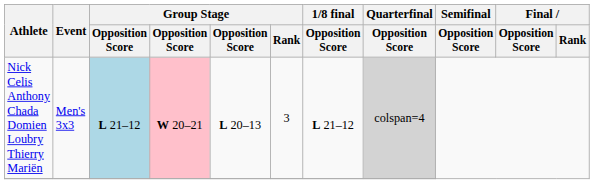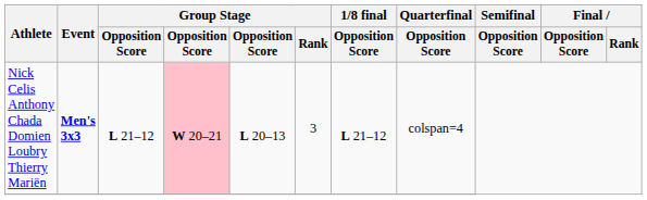 <table class="wikitable" style="font-size:90%">
 <tr>
 <th rowspan=2>Athlete</th>
 <th rowspan=2>Event</th>
 <th colspan=4>Group Stage</th>
 <th>1/8 final</th>
 <th>Quarterfinal</th>
 <th>Semifinal</th>
 <th colspan=2>Final / </th>
 </tr>
 <tr style="font-size:95%">
 <th>Opposition<br>Score</th>
 <th>Opposition<br>Score</th>
 <th>Opposition<br>Score</th>
 <th>Rank</th>
 <th>Opposition<br>Score</th>
 <th>Opposition<br>Score</th>
 <th>Opposition<br>Score</th>
 <th>Opposition<br>Score</th>
 <th>Rank</th>
 </tr>
 <tr align=center>
 <td align=left><a href='#'>Nick Celis</a> <br> <a href='#'>Anthony Chada</a> <br> <a href='#'>Domien Loubry</a> <br> <a href='#'>Thierry Mariën</a></td>
-<td align=left><a href='#'>Men's 3x3</a></td>
-<td style="background: lightblue;"><br><strong>L</strong> 21–12</td>
+<td align=left><strong><a href='#'>Men's 3x3</a></strong></td>
+<td><br><strong>L</strong> 21–12</td>
 <td style="background: pink;"><br><strong>W</strong> 20–21</td>
 <td><br><strong>L</strong> 20–13</td>
 <td>3</td>
 <td><br><strong>L</strong> 21–12</td>
-<td style="background: lightgrey;">colspan=4 </td>
+<td>colspan=4 </td>
 </tr>
 <tr align=center>
 </tr>
 </table>
